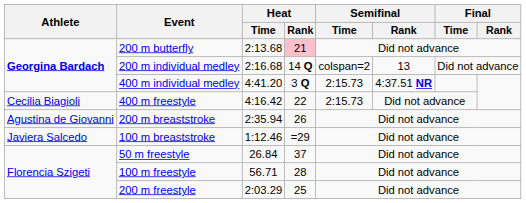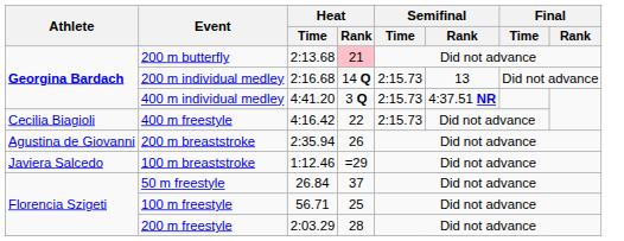 <table class=wikitable style="font-size:90%">
 <tr>
 <th rowspan="2">Athlete</th>
 <th rowspan="2">Event</th>
 <th colspan="2">Heat</th>
 <th colspan="2">Semifinal</th>
 <th colspan="2">Final</th>
 </tr>
 <tr style="font-size:95%">
 <th>Time</th>
 <th>Rank</th>
 <th>Time</th>
 <th>Rank</th>
 <th>Time</th>
 <th>Rank</th>
 </tr>
 <tr align=center>
 <td align=left rowspan=3><strong><a href='#'>Georgina Bardach</a></strong></td>
 <td align=left><a href='#'>200 m butterfly</a></td>
 <td>2:13.68</td>
 <td style="background: pink;">21</td>
 <td colspan=4>Did not advance</td>
 </tr>
 <tr align=center>
 <td align=left><a href='#'>200 m individual medley</a></td>
 <td>2:16.68</td>
 <td>14 <strong>Q</strong></td>
-<td>colspan=2 </td>
+<td>2:15.73</td>
 <td>13</td>
 <td colspan=2>Did not advance</td>
 </tr>
 <tr align=center>
 <td align=left><a href='#'>400 m individual medley</a></td>
 <td>4:41.20</td>
 <td>3 <strong>Q</strong></td>
 <td>2:15.73</td>
 <td>4:37.51 <strong><a href='#'>NR</a></strong></td>
 <td></td>
 </tr>
 <tr align=center>
 <td align=left><a href='#'>Cecilia Biagioli</a></td>
 <td align=left><a href='#'>400 m freestyle</a></td>
 <td>4:16.42</td>
 <td>22</td>
 <td>2:15.73</td>
 <td colspan=2>Did not advance</td>
 </tr>
 <tr align=center>
 <td align=left><a href='#'>Agustina de Giovanni</a></td>
 <td align=left><a href='#'>200 m breaststroke</a></td>
 <td>2:35.94</td>
 <td>26</td>
 <td colspan=4>Did not advance</td>
 </tr>
 <tr align=center>
 <td align=left><a href='#'>Javiera Salcedo</a></td>
 <td align=left><a href='#'>100 m breaststroke</a></td>
 <td>1:12.46</td>
 <td>=29</td>
 <td colspan=4>Did not advance</td>
 </tr>
 <tr align=center>
 <td align=left rowspan=3><a href='#'>Florencia Szigeti</a></td>
 <td align=left><a href='#'>50 m freestyle</a></td>
 <td>26.84</td>
 <td>37</td>
 <td colspan=4>Did not advance</td>
 </tr>
 <tr align=center>
 <td align=left><a href='#'>100 m freestyle</a></td>
 <td>56.71</td>
-<td>28</td>
+<td>25</td>
 <td colspan=4>Did not advance</td>
 </tr>
 <tr align=center>
 <td align=left><a href='#'>200 m freestyle</a></td>
 <td>2:03.29</td>
-<td>25</td>
+<td>28</td>
 <td colspan=4>Did not advance</td>
 </tr>
 </table>
